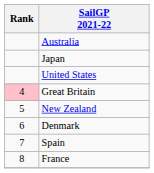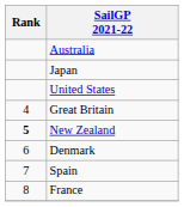 <table class="wikitable sortable" style="font-size:85%; text-align:center;">
 <tr>
 <th width=40>Rank<br></th>
 <th width=140><a href='#'>SailGP<br>2021-22</a></th>
 </tr>
 <tr>
 <td></td>
 <td style="text-align:left;"> <a href='#'>Australia</a></td>
 </tr>
 <tr>
 <td></td>
 <td style="text-align:left;"> Japan</td>
 </tr>
 <tr>
 <td></td>
 <td style="text-align:left;"> <a href='#'>United States</a></td>
 </tr>
 <tr>
-<td style="background: pink;">4</td>
+<td>4</td>
 <td style="text-align:left;"> Great Britain</td>
 </tr>
 <tr>
-<td>5</td>
+<td><strong>5</strong></td>
 <td style="text-align:left;"> <a href='#'>New Zealand</a></td>
 </tr>
 <tr>
 <td>6</td>
 <td style="text-align:left;"> Denmark</td>
 </tr>
 <tr>
 <td>7</td>
 <td style="text-align:left;"> Spain</td>
 </tr>
 <tr>
 <td>8</td>
 <td style="text-align:left;"> France</td>
 </tr>
 <tr>
 </tr>
 </table>
